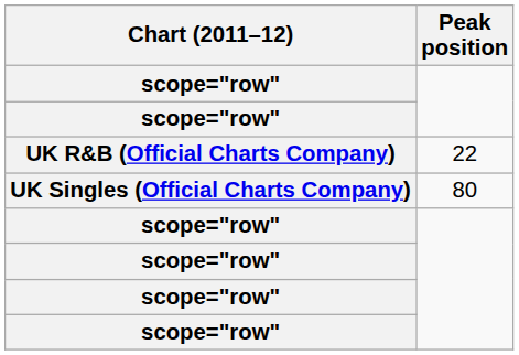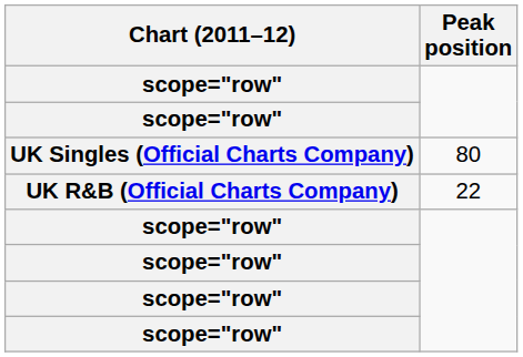 <table class="wikitable sortable plainrowheaders" style="text-align:center;">
 <tr>
 <th scope="col">Chart (2011–12)</th>
 <th scope="col">Peak<br>position</th>
 </tr>
 <tr>
 <th>scope="row"</th>
 </tr>
 <tr>
 <th>scope="row"</th>
 </tr>
 <tr>
+<th scope="row">UK Singles (<a href='#'>Official Charts Company</a>)</th>
+<td>80</td>
+</tr>
+<tr>
 <th scope="row">UK R&B (<a href='#'>Official Charts Company</a>)</th>
 <td>22</td>
-</tr>
-<tr>
-<th scope="row">UK Singles (<a href='#'>Official Charts Company</a>)</th>
-<td>80</td>
 </tr>
 <tr>
 <th>scope="row"</th>
 </tr>
 <tr>
 <th>scope="row"</th>
 </tr>
 <tr>
 <th>scope="row"</th>
 </tr>
 <tr>
 <th>scope="row"</th>
 </tr>
 </table>
